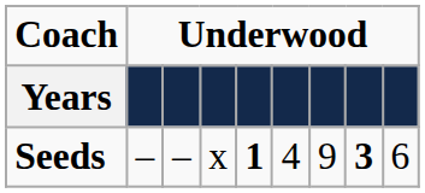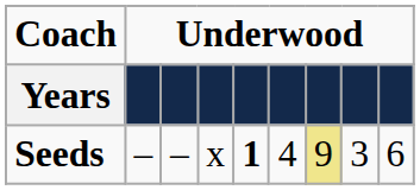 <table class="wikitable">
 <tr>
 <td><strong>Coach</strong></td>
 <td colspan=8; align=center><strong>Underwood</strong></td>
 </tr>
 <tr>
 <th>Years</th>
 <th style="background: #13294B;"><a href='#'></a></th>
 <th style="background: #13294B;"><a href='#'></a></th>
 <th style="background: #13294B;"><a href='#'></a></th>
 <th style="background: #13294B;"><a href='#'></a></th>
 <th style="background: #13294B;"><a href='#'></a></th>
 <th style="background: #13294B;"><a href='#'></a></th>
 <th style="background: #13294B;"><a href='#'></a></th>
 <th style="background: #13294B;"><a href='#'></a></th>
 </tr>
 <tr align=center>
 <td style="text-align:left; "><strong>Seeds</strong></td>
 <td>–</td>
 <td>–</td>
 <td>x</td>
 <td><strong>1</strong></td>
 <td>4</td>
-<td>9</td>
-<td><strong>3</strong></td>
+<td style="background: khaki;">9</td>
+<td>3</td>
 <td>6</td>
 </tr>
 </table>
